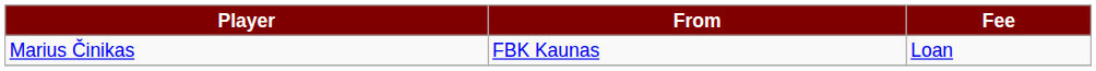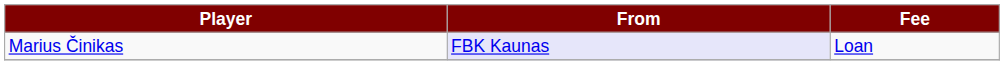 <table class="wikitable" style="text-align:left; font-size:95%;width:98%;">
 <tr>
 <th style="background:maroon; color:white;">Player</th>
 <th style="background:maroon; color:white;">From</th>
 <th style="background:maroon; color:white;">Fee</th>
 </tr>
 <tr>
 <td> <a href='#'>Marius Činikas</a></td>
-<td> <a href='#'>FBK Kaunas</a></td>
+<td style="background: lavender;"> <a href='#'>FBK Kaunas</a></td>
 <td><a href='#'>Loan</a></td>
 </tr>
 <tr>
 </tr>
 </table>
